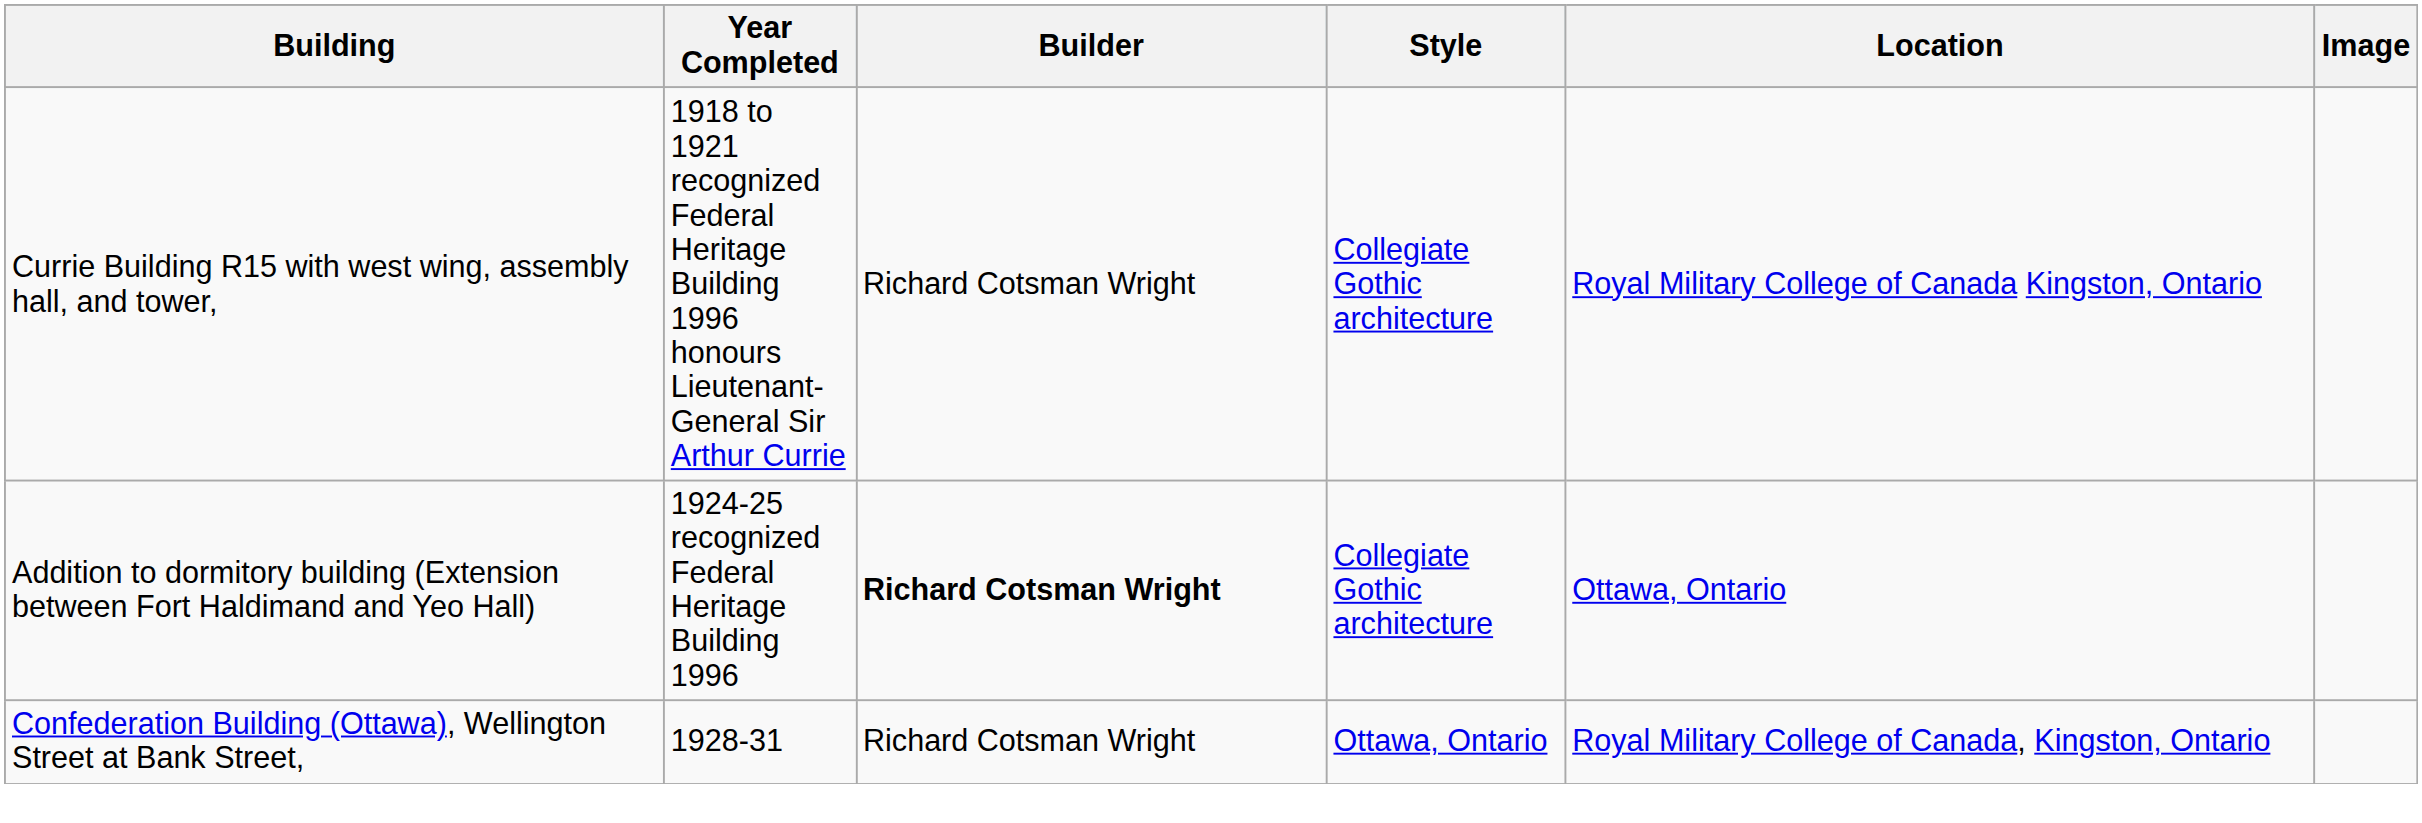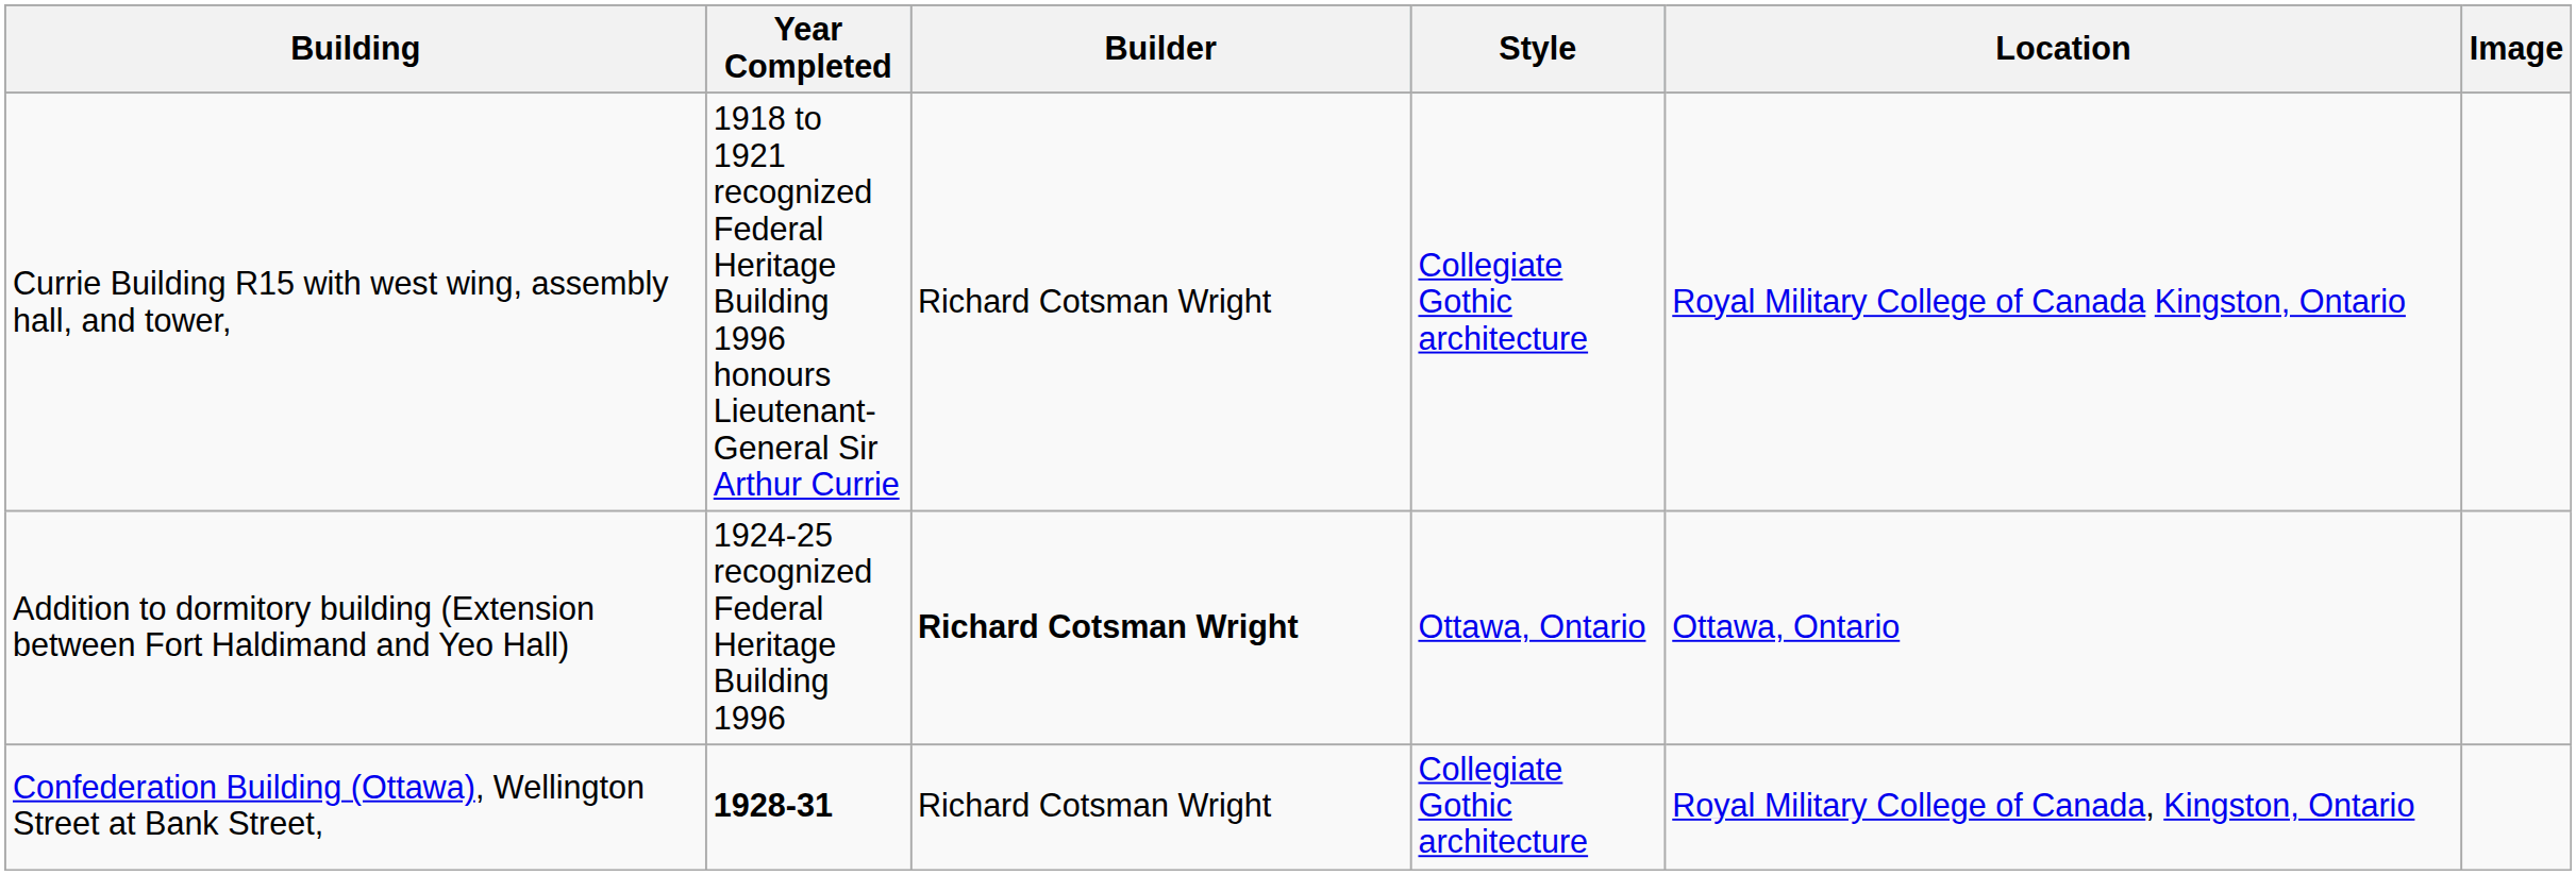 <table class="wikitable" style="margin:1em auto;">
 <tr style="background:lightblue;">
 <th width=28%>Building</th>
 <th width=8%>Year Completed</th>
 <th width=20%>Builder</th>
 <th width=10%>Style</th>
 <th width=32%>Location</th>
 <th width=7%>Image</th>
 </tr>
 <tr>
 <td>Currie Building R15 with west wing, assembly hall, and tower,</td>
 <td>1918 to 1921 recognized Federal Heritage Building 1996<br>honours Lieutenant-General Sir <a href='#'>Arthur Currie</a></td>
 <td>Richard Cotsman Wright</td>
 <td><a href='#'>Collegiate Gothic architecture</a></td>
 <td><a href='#'>Royal Military College of Canada</a> <a href='#'>Kingston, Ontario</a></td>
 <td></td>
 </tr>
 <tr>
 <td>Addition to dormitory building (Extension between Fort Haldimand and Yeo Hall)</td>
 <td>1924-25 recognized Federal Heritage Building 1996</td>
 <td><strong>Richard Cotsman Wright</strong></td>
-<td><a href='#'>Collegiate Gothic architecture</a></td>
+<td><a href='#'>Ottawa, Ontario</a></td>
 <td><a href='#'>Ottawa, Ontario</a></td>
 <td></td>
 </tr>
 <tr>
 <td><a href='#'>Confederation Building (Ottawa)</a>, Wellington Street at Bank Street,</td>
-<td>1928-31</td>
+<td><strong>1928-31</strong></td>
 <td>Richard Cotsman Wright</td>
-<td><a href='#'>Ottawa, Ontario</a></td>
+<td><a href='#'>Collegiate Gothic architecture</a></td>
 <td><a href='#'>Royal Military College of Canada</a>, <a href='#'>Kingston, Ontario</a></td>
 <td></td>
 </tr>
 <tr>
 </tr>
 </table>
